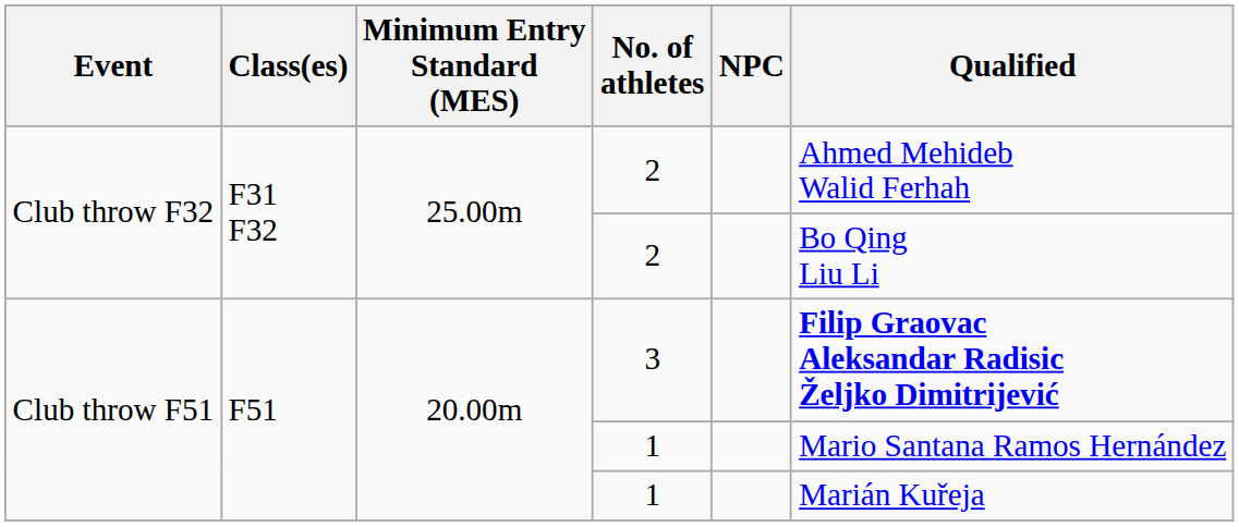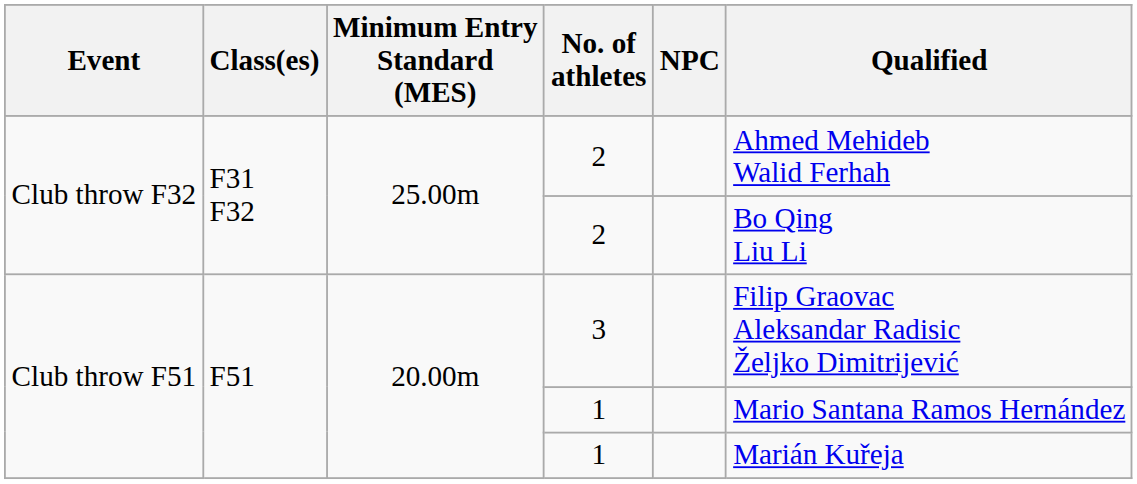 <table class="wikitable">
 <tr>
 <th>Event</th>
 <th>Class(es)</th>
 <th>Minimum Entry<br>Standard<br>(MES)</th>
 <th>No. of<br>athletes</th>
 <th>NPC</th>
 <th>Qualified</th>
 </tr>
 <tr>
 <td rowspan=2>Club throw F32</td>
 <td rowspan=2>F31<br>F32</td>
 <td rowspan=2 align=center>25.00m</td>
 <td align=center>2</td>
 <td></td>
 <td><a href='#'>Ahmed Mehideb</a><br><a href='#'>Walid Ferhah</a></td>
 </tr>
 <tr>
 <td align=center>2</td>
 <td></td>
 <td><a href='#'>Bo Qing</a><br><a href='#'>Liu Li</a></td>
 </tr>
 <tr>
 <td rowspan=3>Club throw F51</td>
 <td rowspan=3>F51</td>
 <td rowspan=3 align=center>20.00m</td>
 <td align=center>3</td>
 <td></td>
-<td><strong><a href='#'>Filip Graovac</a><br><a href='#'>Aleksandar Radisic</a><br><a href='#'>Željko Dimitrijević</a></strong></td>
+<td><a href='#'>Filip Graovac</a><br><a href='#'>Aleksandar Radisic</a><br><a href='#'>Željko Dimitrijević</a></td>
 </tr>
 <tr>
 <td align=center>1</td>
 <td></td>
 <td><a href='#'>Mario Santana Ramos Hernández</a></td>
 </tr>
 <tr>
 <td align=center>1</td>
 <td></td>
 <td><a href='#'>Marián Kuřeja</a></td>
 </tr>
 </table>
